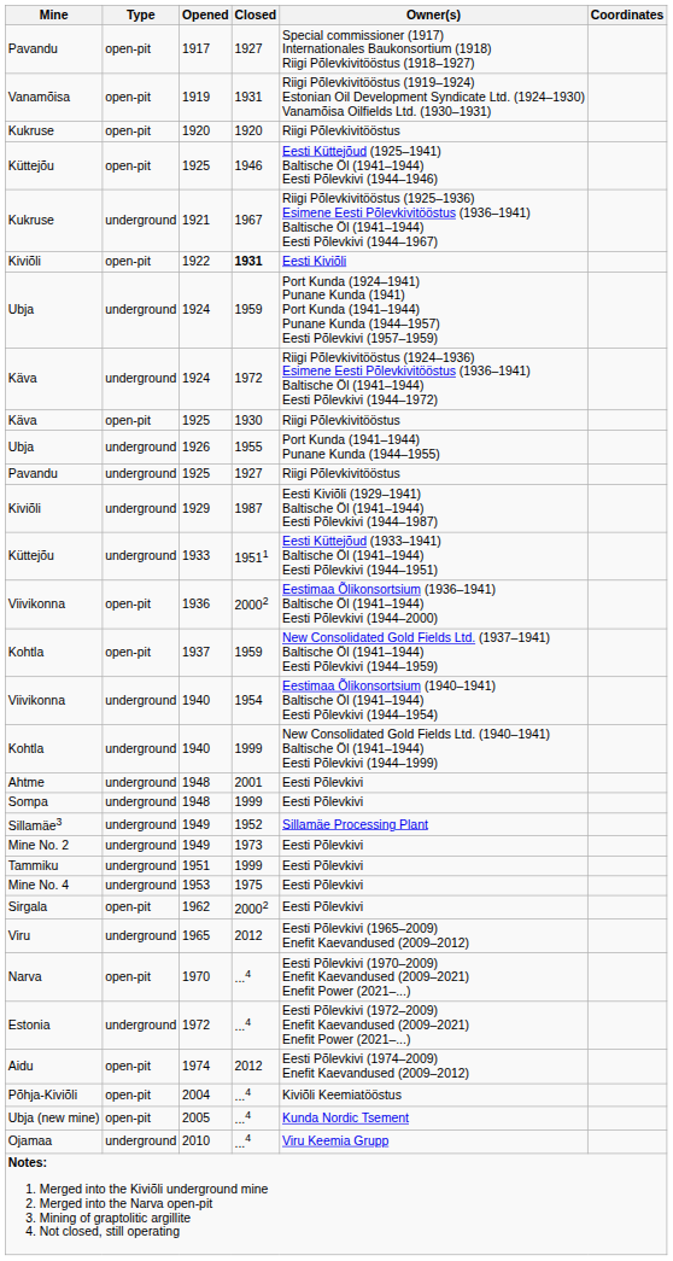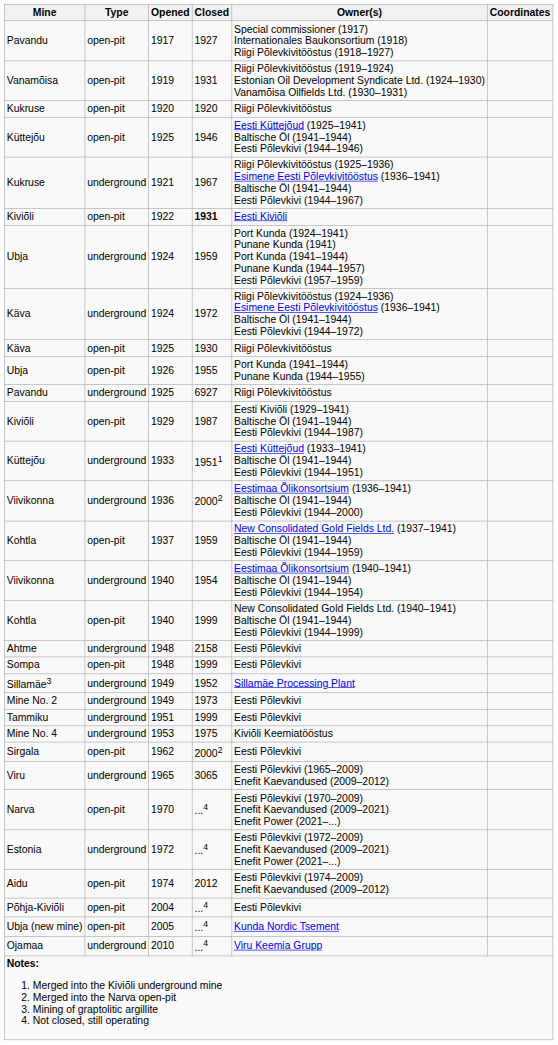 <table class="sortable wikitable">
 <tr>
 <th>Mine</th>
 <th>Type</th>
 <th>Opened</th>
 <th>Closed</th>
 <th>Owner(s)</th>
 <th>Coordinates</th>
 </tr>
 <tr>
 <td>Pavandu</td>
 <td>open-pit</td>
 <td>1917</td>
 <td>1927</td>
 <td>Special commissioner (1917)<br>Internationales Baukonsortium (1918)<br>Riigi Põlevkivitööstus (1918–1927)</td>
 <td></td>
 </tr>
 <tr>
 <td>Vanamõisa</td>
 <td>open-pit</td>
 <td>1919</td>
 <td>1931</td>
 <td>Riigi Põlevkivitööstus (1919–1924)<br>Estonian Oil Development Syndicate Ltd. (1924–1930)<br>Vanamõisa Oilfields Ltd. (1930–1931)</td>
 <td></td>
 </tr>
 <tr>
 <td>Kukruse</td>
 <td>open-pit</td>
 <td>1920</td>
 <td>1920</td>
 <td>Riigi Põlevkivitööstus</td>
 <td></td>
 </tr>
 <tr>
 <td>Küttejõu</td>
 <td>open-pit</td>
 <td>1925</td>
 <td>1946</td>
 <td><a href='#'>Eesti Küttejõud</a> (1925–1941)<br>Baltische Öl (1941–1944)<br>Eesti Põlevkivi (1944–1946)</td>
 <td></td>
 </tr>
 <tr>
 <td>Kukruse</td>
 <td>underground</td>
 <td>1921</td>
 <td>1967</td>
 <td>Riigi Põlevkivitööstus (1925–1936)<br><a href='#'>Esimene Eesti Põlevkivitööstus</a> (1936–1941)<br>Baltische Öl (1941–1944)<br>Eesti Põlevkivi (1944–1967)</td>
 <td></td>
 </tr>
 <tr>
 <td>Kiviõli</td>
 <td>open-pit</td>
 <td>1922</td>
 <td><strong>1931</strong></td>
 <td><a href='#'>Eesti Kiviõli</a></td>
 <td></td>
 </tr>
 <tr>
 <td>Ubja</td>
 <td>underground</td>
 <td>1924</td>
 <td>1959</td>
 <td>Port Kunda (1924–1941)<br>Punane Kunda (1941)<br>Port Kunda (1941–1944)<br>Punane Kunda (1944–1957)<br>Eesti Põlevkivi (1957–1959)</td>
 <td></td>
 </tr>
 <tr>
 <td>Käva</td>
 <td>underground</td>
 <td>1924</td>
 <td>1972</td>
 <td>Riigi Põlevkivitööstus (1924–1936)<br><a href='#'>Esimene Eesti Põlevkivitööstus</a> (1936–1941)<br>Baltische Öl (1941–1944)<br>Eesti Põlevkivi (1944–1972)</td>
 <td></td>
 </tr>
 <tr>
 <td>Käva</td>
 <td>open-pit</td>
 <td>1925</td>
 <td>1930</td>
 <td>Riigi Põlevkivitööstus</td>
 <td></td>
 </tr>
 <tr>
 <td>Ubja</td>
-<td>underground</td>
+<td>open-pit</td>
 <td>1926</td>
 <td>1955</td>
 <td Port Kunda (1926–1941)>Port Kunda (1941–1944)<br>Punane Kunda (1944–1955)</td>
 <td></td>
 </tr>
 <tr>
 <td>Pavandu</td>
 <td>underground</td>
 <td>1925</td>
-<td>1927</td>
+<td>6927</td>
 <td>Riigi Põlevkivitööstus</td>
 <td></td>
 </tr>
 <tr>
 <td>Kiviõli</td>
-<td>underground</td>
+<td>open-pit</td>
 <td>1929</td>
 <td>1987</td>
 <td>Eesti Kiviõli (1929–1941)<br>Baltische Öl (1941–1944)<br>Eesti Põlevkivi (1944–1987)</td>
 <td></td>
 </tr>
 <tr>
 <td>Küttejõu</td>
 <td>underground</td>
 <td>1933</td>
 <td>1951<sup>1</sup></td>
 <td><a href='#'>Eesti Küttejõud</a> (1933–1941)<br>Baltische Öl (1941–1944)<br>Eesti Põlevkivi (1944–1951)</td>
 <td></td>
 </tr>
 <tr>
 <td>Viivikonna</td>
-<td>open-pit</td>
+<td>underground</td>
 <td>1936</td>
 <td>2000<sup>2</sup></td>
 <td><a href='#'>Eestimaa Õlikonsortsium</a> (1936–1941)<br>Baltische Öl (1941–1944)<br>Eesti Põlevkivi (1944–2000)</td>
 <td></td>
 </tr>
 <tr>
 <td>Kohtla</td>
 <td>open-pit</td>
 <td>1937</td>
 <td>1959</td>
 <td><a href='#'>New Consolidated Gold Fields Ltd.</a> (1937–1941)<br>Baltische Öl (1941–1944)<br>Eesti Põlevkivi (1944–1959)</td>
 <td></td>
 </tr>
 <tr>
 <td>Viivikonna</td>
 <td>underground</td>
 <td>1940</td>
 <td>1954</td>
 <td><a href='#'>Eestimaa Õlikonsortsium</a> (1940–1941)<br>Baltische Öl (1941–1944)<br>Eesti Põlevkivi (1944–1954)</td>
 <td></td>
 </tr>
 <tr>
 <td>Kohtla</td>
-<td>underground</td>
+<td>open-pit</td>
 <td>1940</td>
 <td>1999</td>
 <td>New Consolidated Gold Fields Ltd. (1940–1941)<br>Baltische Öl (1941–1944)<br>Eesti Põlevkivi (1944–1999)</td>
 <td></td>
 </tr>
 <tr>
 <td>Ahtme</td>
 <td>underground</td>
 <td>1948</td>
-<td>2001</td>
+<td>2158</td>
 <td>Eesti Põlevkivi</td>
 <td></td>
 </tr>
 <tr>
 <td>Sompa</td>
-<td>underground</td>
+<td>open-pit</td>
 <td>1948</td>
 <td>1999</td>
 <td>Eesti Põlevkivi</td>
 <td></td>
 </tr>
 <tr>
 <td>Sillamäe<sup>3</sup></td>
 <td>underground</td>
 <td>1949</td>
 <td>1952</td>
 <td><a href='#'>Sillamäe Processing Plant</a></td>
 <td></td>
 </tr>
 <tr>
 <td>Mine No. 2</td>
 <td>underground</td>
 <td>1949</td>
 <td>1973</td>
 <td>Eesti Põlevkivi</td>
 <td></td>
 </tr>
 <tr>
 <td>Tammiku</td>
 <td>underground</td>
 <td>1951</td>
 <td>1999</td>
 <td>Eesti Põlevkivi</td>
 <td></td>
 </tr>
 <tr>
 <td>Mine No. 4</td>
 <td>underground</td>
 <td>1953</td>
 <td>1975</td>
-<td>Eesti Põlevkivi</td>
+<td>Kiviõli Keemiatööstus</td>
 <td></td>
 </tr>
 <tr>
 <td>Sirgala</td>
 <td>open-pit</td>
 <td>1962</td>
 <td>2000<sup>2</sup></td>
 <td>Eesti Põlevkivi</td>
 <td></td>
 </tr>
 <tr>
 <td>Viru</td>
 <td>underground</td>
 <td>1965</td>
-<td>2012</td>
+<td>3065</td>
 <td>Eesti Põlevkivi (1965–2009)<br>Enefit Kaevandused (2009–2012)</td>
 <td></td>
 </tr>
 <tr>
 <td>Narva</td>
 <td>open-pit</td>
 <td>1970</td>
 <td>...<sup>4</sup></td>
 <td>Eesti Põlevkivi (1970–2009)<br>Enefit Kaevandused (2009–2021)<br>Enefit Power (2021–...)</td>
 <td></td>
 </tr>
 <tr>
 <td>Estonia</td>
 <td>underground</td>
 <td>1972</td>
 <td>...<sup>4</sup></td>
 <td>Eesti Põlevkivi (1972–2009)<br>Enefit Kaevandused (2009–2021)<br>Enefit Power (2021–...)</td>
 <td></td>
 </tr>
 <tr>
 <td>Aidu</td>
 <td>open-pit</td>
 <td>1974</td>
 <td>2012</td>
 <td>Eesti Põlevkivi (1974–2009)<br>Enefit Kaevandused (2009–2012)</td>
 <td></td>
 </tr>
 <tr>
 <td>Põhja-Kiviõli</td>
 <td>open-pit</td>
 <td>2004</td>
 <td>...<sup>4</sup></td>
-<td>Kiviõli Keemiatööstus</td>
+<td>Eesti Põlevkivi</td>
 <td></td>
 </tr>
 <tr>
 <td>Ubja (new mine)</td>
 <td>open-pit</td>
 <td>2005</td>
 <td>...<sup>4</sup></td>
 <td><a href='#'>Kunda Nordic Tsement</a></td>
 <td></td>
 </tr>
 <tr>
 <td>Ojamaa</td>
 <td>underground</td>
 <td>2010</td>
 <td>...<sup>4</sup></td>
 <td><a href='#'>Viru Keemia Grupp</a></td>
 <td></td>
 </tr>
 <tr -- class="sortbottom">
 <td colspan=6><strong>Notes:</strong><br><ol><li>Merged into the Kiviõli underground mine</li><li>Merged into the Narva open-pit</li><li>Mining of graptolitic argillite</li><li>Not closed, still operating</li></ol></td>
 </tr>
 </table>
